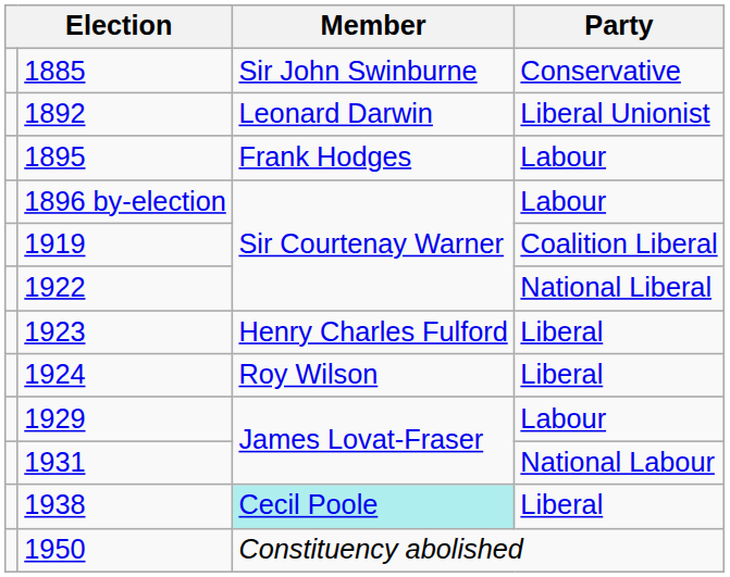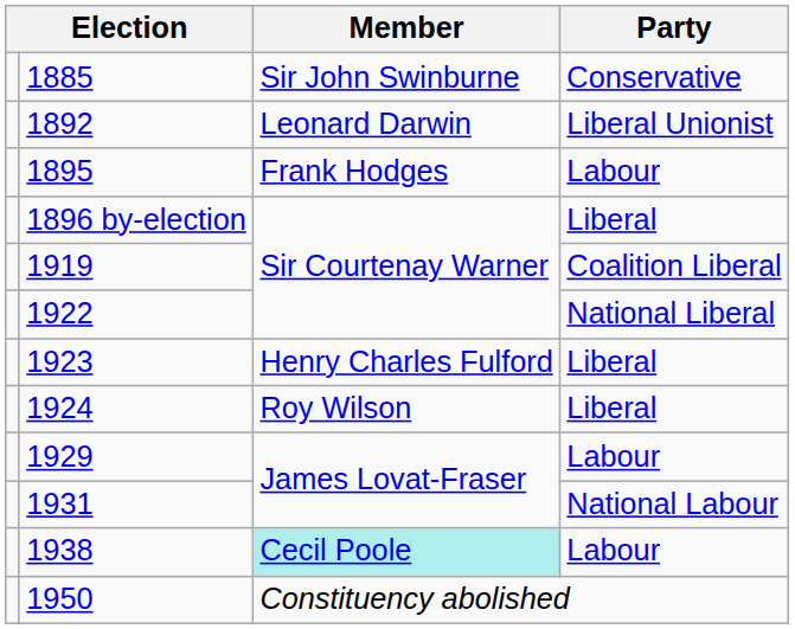 <table class="wikitable">
 <tr>
 <th colspan="2">Election</th>
 <th>Member</th>
 <th>Party</th>
 </tr>
 <tr>
 <td style="color:inherit;background-color: "></td>
 <td><a href='#'>1885</a></td>
 <td><a href='#'>Sir John Swinburne</a></td>
 <td><a href='#'>Conservative</a></td>
 </tr>
 <tr>
 <td style="color:inherit;background-color: "></td>
 <td><a href='#'>1892</a></td>
 <td><a href='#'>Leonard Darwin</a></td>
 <td><a href='#'>Liberal Unionist</a></td>
 </tr>
 <tr>
 <td style="color:inherit;background-color: "></td>
 <td><a href='#'>1895</a></td>
 <td><a href='#'>Frank Hodges</a></td>
 <td><a href='#'>Labour</a></td>
 </tr>
 <tr>
 <td style="color:inherit;background-color: "></td>
 <td><a href='#'>1896 by-election</a></td>
 <td rowspan="3"><a href='#'>Sir Courtenay Warner</a></td>
-<td><a href='#'>Labour</a></td>
+<td><a href='#'>Liberal</a></td>
 </tr>
 <tr>
 <td style="color:inherit;background-color: "></td>
 <td><a href='#'>1919</a></td>
 <td><a href='#'>Coalition Liberal</a></td>
 </tr>
 <tr>
 <td style="color:inherit;background-color: "></td>
 <td><a href='#'>1922</a></td>
 <td><a href='#'>National Liberal</a></td>
 </tr>
 <tr>
 <td style="color:inherit;background-color: "></td>
 <td><a href='#'>1923</a></td>
 <td><a href='#'>Henry Charles Fulford</a></td>
 <td><a href='#'>Liberal</a></td>
 </tr>
 <tr>
 <td style="color:inherit;background-color: "></td>
 <td><a href='#'>1924</a></td>
 <td><a href='#'>Roy Wilson</a></td>
 <td><a href='#'>Liberal</a></td>
 </tr>
 <tr>
 <td style="color:inherit;background-color: "></td>
 <td><a href='#'>1929</a></td>
 <td rowspan="2"><a href='#'>James Lovat-Fraser</a></td>
 <td><a href='#'>Labour</a></td>
 </tr>
 <tr>
 <td style="color:inherit;background-color: "></td>
 <td><a href='#'>1931</a></td>
 <td><a href='#'>National Labour</a></td>
 </tr>
 <tr>
 <td style="color:inherit;background-color: "></td>
 <td><a href='#'>1938</a></td>
 <td style="background: paleturquoise;"><a href='#'>Cecil Poole</a></td>
-<td><a href='#'>Liberal</a></td>
+<td><a href='#'>Labour</a></td>
 </tr>
 <tr>
 <td></td>
 <td><a href='#'>1950</a></td>
 <td colspan="2"><em>Constituency abolished</em></td>
 </tr>
 </table>
